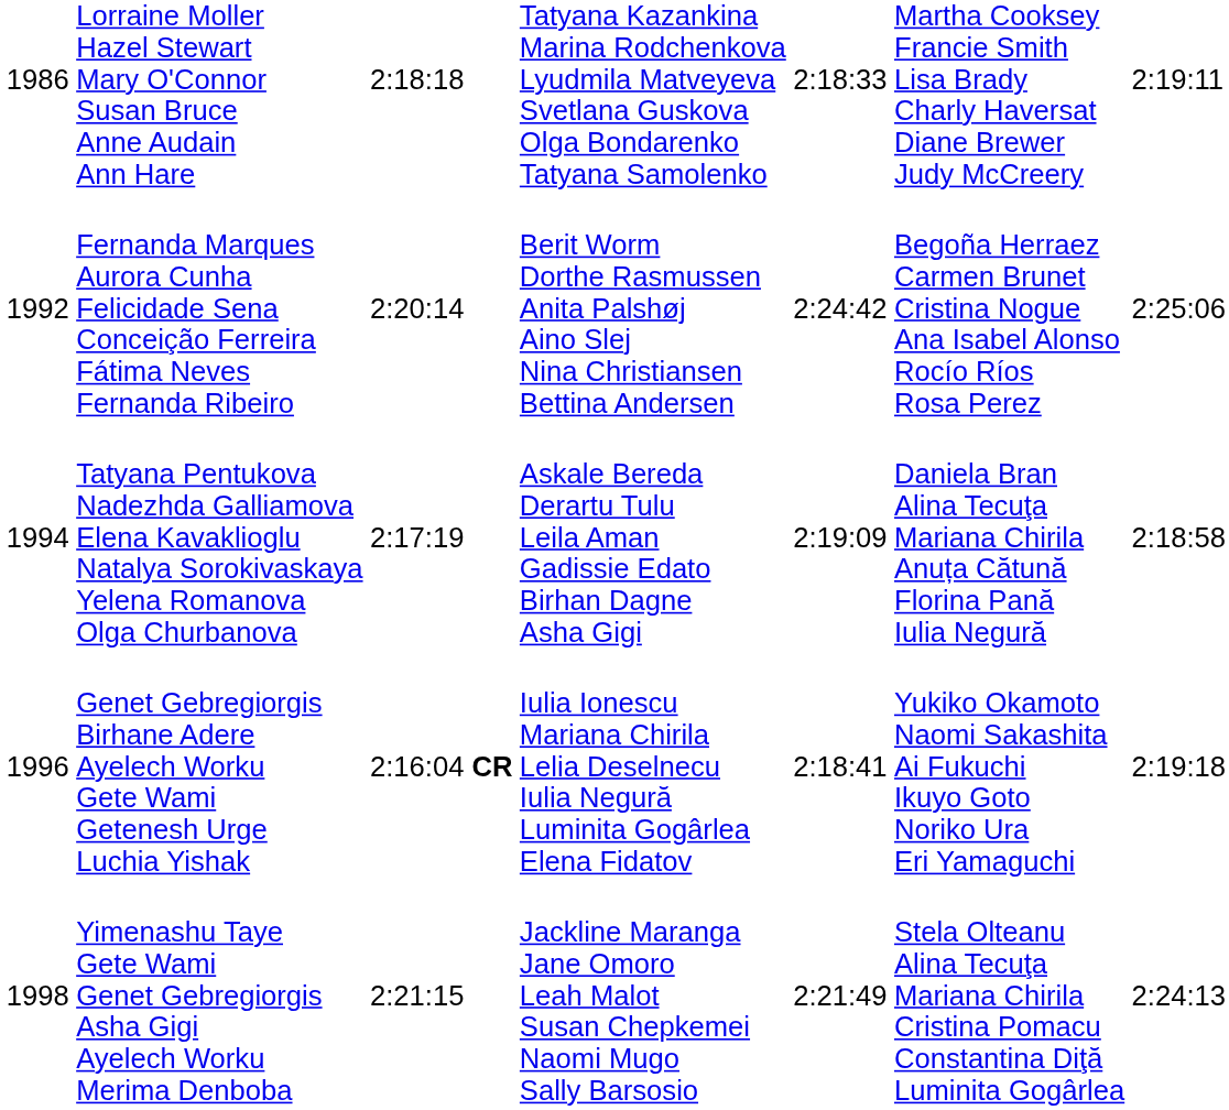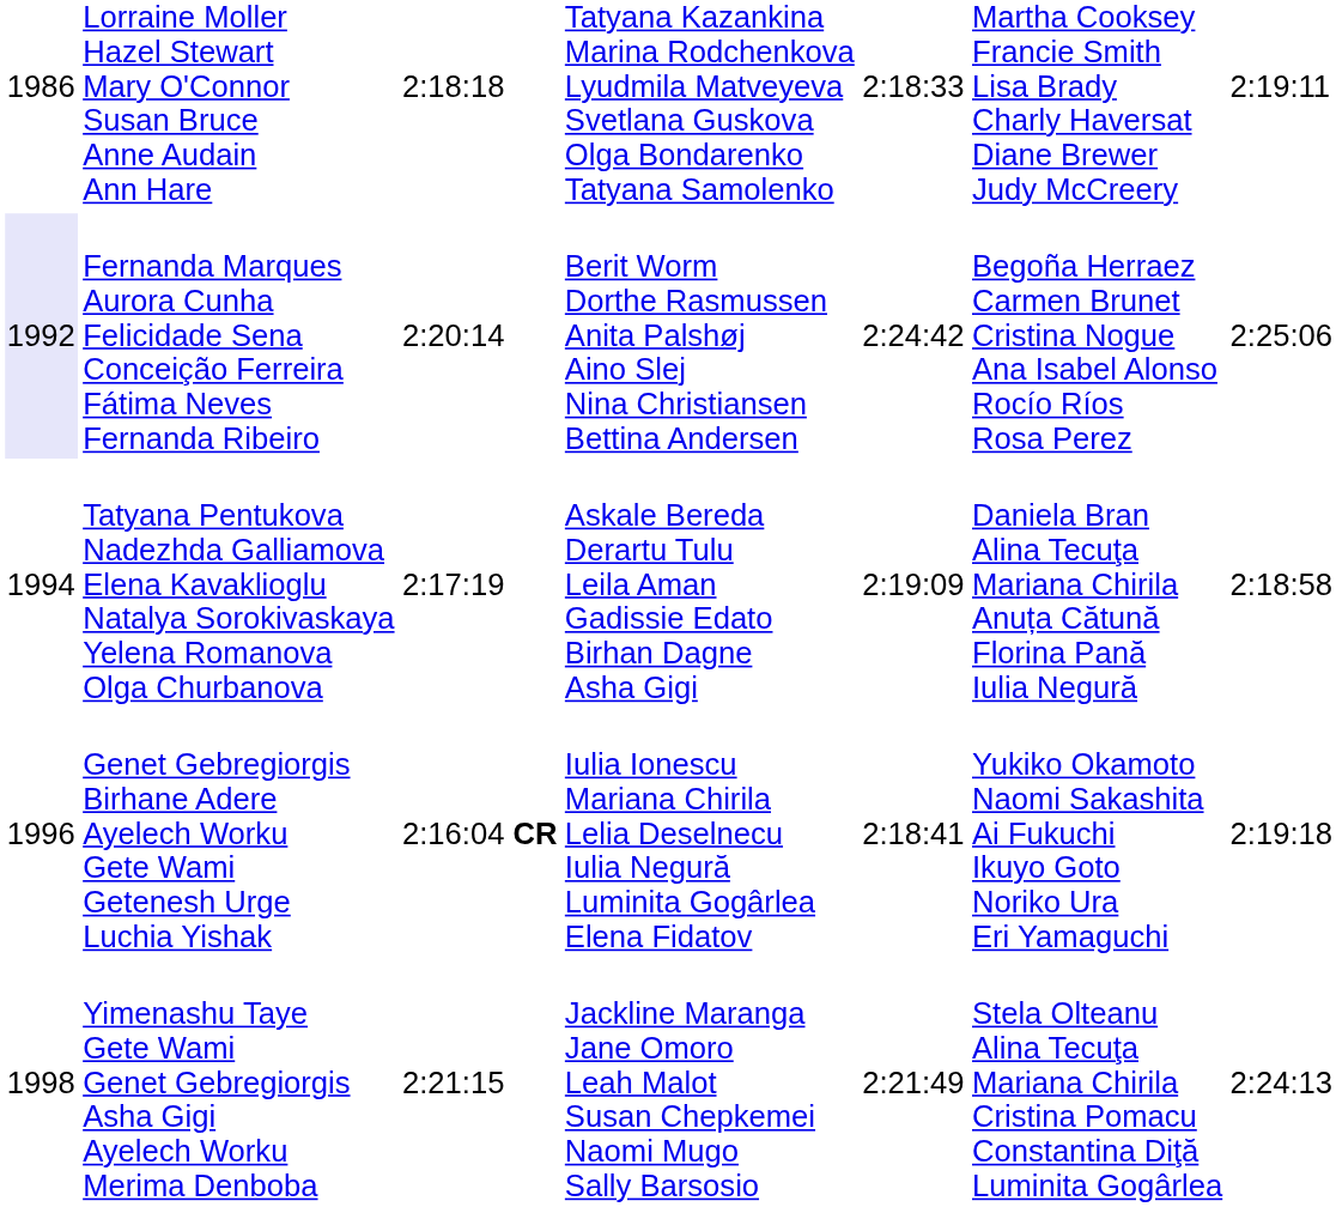 <table>
 <tr>
 <td>1986</td>
 <td><br><a href='#'>Lorraine Moller</a><br><a href='#'>Hazel Stewart</a><br><a href='#'>Mary O'Connor</a><br><a href='#'>Susan Bruce</a><br><a href='#'>Anne Audain</a><br><a href='#'>Ann Hare</a></td>
 <td>2:18:18</td>
 <td><br><a href='#'>Tatyana Kazankina</a><br><a href='#'>Marina Rodchenkova</a><br><a href='#'>Lyudmila Matveyeva</a><br><a href='#'>Svetlana Guskova</a><br><a href='#'>Olga Bondarenko</a><br><a href='#'>Tatyana Samolenko</a></td>
 <td>2:18:33</td>
 <td><br><a href='#'>Martha Cooksey</a><br><a href='#'>Francie Smith</a><br><a href='#'>Lisa Brady</a><br><a href='#'>Charly Haversat</a><br><a href='#'>Diane Brewer</a><br><a href='#'>Judy McCreery</a></td>
 <td>2:19:11</td>
 </tr>
 <tr>
-<td>1992</td>
+<td style="background: lavender;">1992</td>
 <td><br><a href='#'>Fernanda Marques</a><br><a href='#'>Aurora Cunha</a><br><a href='#'>Felicidade Sena</a><br><a href='#'>Conceição Ferreira</a><br><a href='#'>Fátima Neves</a><br><a href='#'>Fernanda Ribeiro</a></td>
 <td>2:20:14</td>
 <td><br><a href='#'>Berit Worm</a><br><a href='#'>Dorthe Rasmussen</a><br><a href='#'>Anita Palshøj</a><br><a href='#'>Aino Slej</a><br><a href='#'>Nina Christiansen</a><br><a href='#'>Bettina Andersen</a></td>
 <td>2:24:42</td>
 <td><br><a href='#'>Begoña Herraez</a><br><a href='#'>Carmen Brunet</a><br><a href='#'>Cristina Nogue</a><br><a href='#'>Ana Isabel Alonso</a><br><a href='#'>Rocío Ríos</a><br><a href='#'>Rosa Perez</a></td>
 <td>2:25:06</td>
 </tr>
 <tr>
 <td>1994</td>
 <td><br><a href='#'>Tatyana Pentukova</a><br><a href='#'>Nadezhda Galliamova</a><br><a href='#'>Elena Kavaklioglu</a><br><a href='#'>Natalya Sorokivaskaya</a><br><a href='#'>Yelena Romanova</a><br><a href='#'>Olga Churbanova</a></td>
 <td>2:17:19</td>
 <td><br><a href='#'>Askale Bereda</a><br><a href='#'>Derartu Tulu</a><br><a href='#'>Leila Aman</a><br><a href='#'>Gadissie Edato</a><br><a href='#'>Birhan Dagne</a><br><a href='#'>Asha Gigi</a></td>
 <td>2:19:09</td>
 <td><br><a href='#'>Daniela Bran</a><br><a href='#'>Alina Tecuţa</a><br><a href='#'>Mariana Chirila</a><br><a href='#'>Anuța Cătună</a><br><a href='#'>Florina Pană</a><br><a href='#'>Iulia Negură</a></td>
 <td>2:18:58</td>
 </tr>
 <tr>
 <td>1996</td>
 <td><br><a href='#'>Genet Gebregiorgis</a><br><a href='#'>Birhane Adere</a><br><a href='#'>Ayelech Worku</a><br><a href='#'>Gete Wami</a><br><a href='#'>Getenesh Urge</a><br><a href='#'>Luchia Yishak</a></td>
 <td>2:16:04 <strong>CR</strong></td>
 <td><br><a href='#'>Iulia Ionescu</a><br><a href='#'>Mariana Chirila</a><br><a href='#'>Lelia Deselnecu</a><br><a href='#'>Iulia Negură</a><br><a href='#'>Luminita Gogârlea</a><br><a href='#'>Elena Fidatov</a></td>
 <td>2:18:41</td>
 <td><br><a href='#'>Yukiko Okamoto</a><br><a href='#'>Naomi Sakashita</a><br><a href='#'>Ai Fukuchi</a><br><a href='#'>Ikuyo Goto</a><br><a href='#'>Noriko Ura</a><br><a href='#'>Eri Yamaguchi</a></td>
 <td>2:19:18</td>
 </tr>
 <tr>
 <td>1998</td>
 <td><br><a href='#'>Yimenashu Taye</a><br><a href='#'>Gete Wami</a><br><a href='#'>Genet Gebregiorgis</a><br><a href='#'>Asha Gigi</a><br><a href='#'>Ayelech Worku</a><br><a href='#'>Merima Denboba</a></td>
 <td>2:21:15</td>
 <td><br><a href='#'>Jackline Maranga</a><br><a href='#'>Jane Omoro</a><br><a href='#'>Leah Malot</a><br><a href='#'>Susan Chepkemei</a><br><a href='#'>Naomi Mugo</a><br><a href='#'>Sally Barsosio</a></td>
 <td>2:21:49</td>
 <td><br><a href='#'>Stela Olteanu</a><br><a href='#'>Alina Tecuţa</a><br><a href='#'>Mariana Chirila</a><br><a href='#'>Cristina Pomacu</a><br><a href='#'>Constantina Diţă</a><br><a href='#'>Luminita Gogârlea</a></td>
 <td>2:24:13</td>
 </tr>
 <tr>
 </tr>
 </table>
